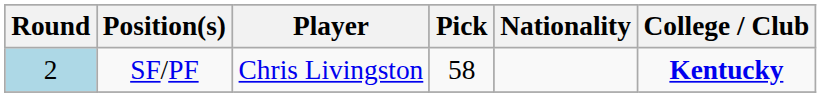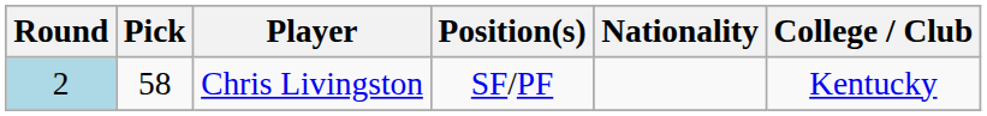 <table class="wikitable sortable sortable">
 <tr>
 <th>Round</th>
+<th>Pick</th>
+<th>Player</th>
 <th>Position(s)</th>
-<th>Player</th>
-<th>Pick</th>
 <th>Nationality</th>
 <th>College / Club</th>
 </tr>
 <tr style="text-align: center">
 <td style="background: lightblue;">2</td>
+<td>58</td>
+<td><a href='#'>Chris Livingston</a></td>
 <td><a href='#'>SF</a>/<a href='#'>PF</a></td>
-<td><a href='#'>Chris Livingston</a></td>
-<td>58</td>
 <td></td>
-<td><strong><a href='#'>Kentucky</a> </strong></td>
+<td><a href='#'>Kentucky</a> </td>
 </tr>
 </table>
